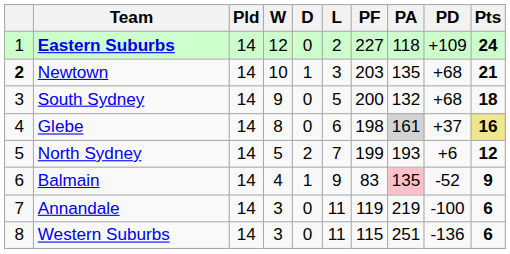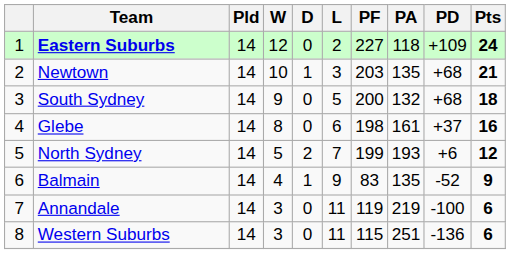 <table class="wikitable" style="text-align:center;">
 <tr>
 <th width=20 abbr="Position×"></th>
 <th width=175>Team</th>
 <th width=20 abbr="Played">Pld</th>
 <th width=20 abbr="Won">W</th>
 <th width=20 abbr="Drawn">D</th>
 <th width=20 abbr="Lost">L</th>
 <th width=20 abbr="Points for">PF</th>
 <th width=20 abbr="Points against">PA</th>
 <th width=20 abbr="Points difference">PD</th>
 <th width=20 abbr="Points">Pts</th>
 </tr>
 <tr style="background: #ccffcc;">
 <td>1</td>
 <td style="text-align:left;"> <strong><a href='#'>Eastern Suburbs</a></strong></td>
 <td>14</td>
 <td>12</td>
 <td>0</td>
 <td>2</td>
 <td>227</td>
 <td>118</td>
 <td>+109</td>
 <td><strong>24</strong></td>
 </tr>
 <tr>
-<td><strong>2</strong></td>
+<td>2</td>
 <td style="text-align:left;"> <a href='#'>Newtown</a></td>
 <td>14</td>
 <td>10</td>
 <td>1</td>
 <td>3</td>
 <td>203</td>
 <td>135</td>
 <td>+68</td>
 <td><strong>21</strong></td>
 </tr>
 <tr>
 <td>3</td>
 <td style="text-align:left;"> <a href='#'>South Sydney</a></td>
 <td>14</td>
 <td>9</td>
 <td>0</td>
 <td>5</td>
 <td>200</td>
 <td>132</td>
 <td>+68</td>
 <td><strong>18</strong></td>
 </tr>
 <tr>
 <td>4</td>
 <td style="text-align:left;"> <a href='#'>Glebe</a></td>
 <td>14</td>
 <td>8</td>
 <td>0</td>
 <td>6</td>
 <td>198</td>
-<td style="background: lightgrey;">161</td>
+<td>161</td>
 <td>+37</td>
-<td style="background: khaki;"><strong>16</strong></td>
+<td><strong>16</strong></td>
 </tr>
 <tr>
 <td>5</td>
 <td style="text-align:left;"> <a href='#'>North Sydney</a></td>
 <td>14</td>
 <td>5</td>
 <td>2</td>
 <td>7</td>
 <td>199</td>
 <td>193</td>
 <td>+6</td>
 <td><strong>12</strong></td>
 </tr>
 <tr>
 <td>6</td>
 <td style="text-align:left;"> <a href='#'>Balmain</a></td>
 <td>14</td>
 <td>4</td>
 <td>1</td>
 <td>9</td>
 <td>83</td>
-<td style="background: pink;">135</td>
+<td>135</td>
 <td>-52</td>
 <td><strong>9</strong></td>
 </tr>
 <tr>
 <td>7</td>
 <td style="text-align:left;"> <a href='#'>Annandale</a></td>
 <td>14</td>
 <td>3</td>
 <td>0</td>
 <td>11</td>
 <td>119</td>
 <td>219</td>
 <td>-100</td>
 <td><strong>6</strong></td>
 </tr>
 <tr>
 <td>8</td>
 <td style="text-align:left;"> <a href='#'>Western Suburbs</a></td>
 <td>14</td>
 <td>3</td>
 <td>0</td>
 <td>11</td>
 <td>115</td>
 <td>251</td>
 <td>-136</td>
 <td><strong>6</strong></td>
 </tr>
 <tr>
 </tr>
 </table>
